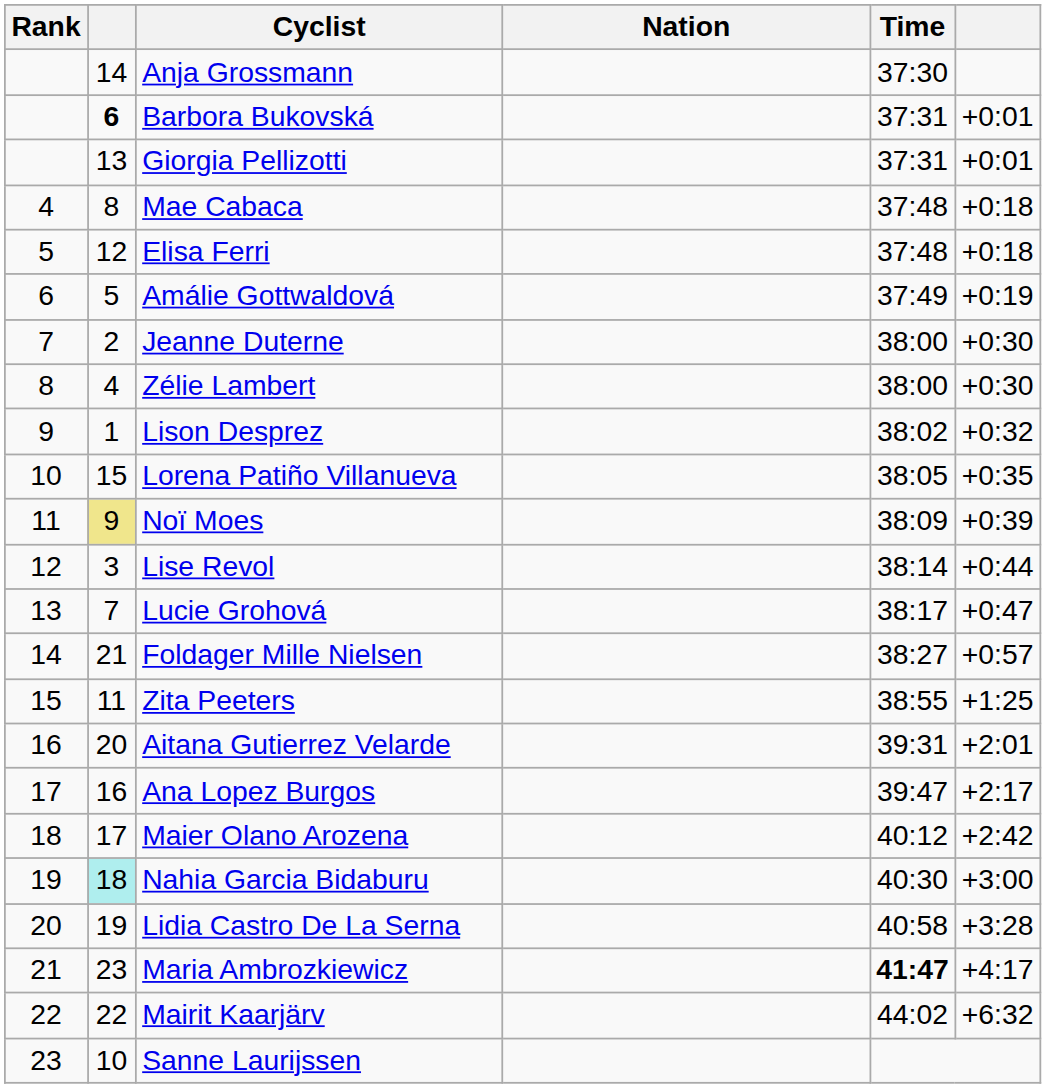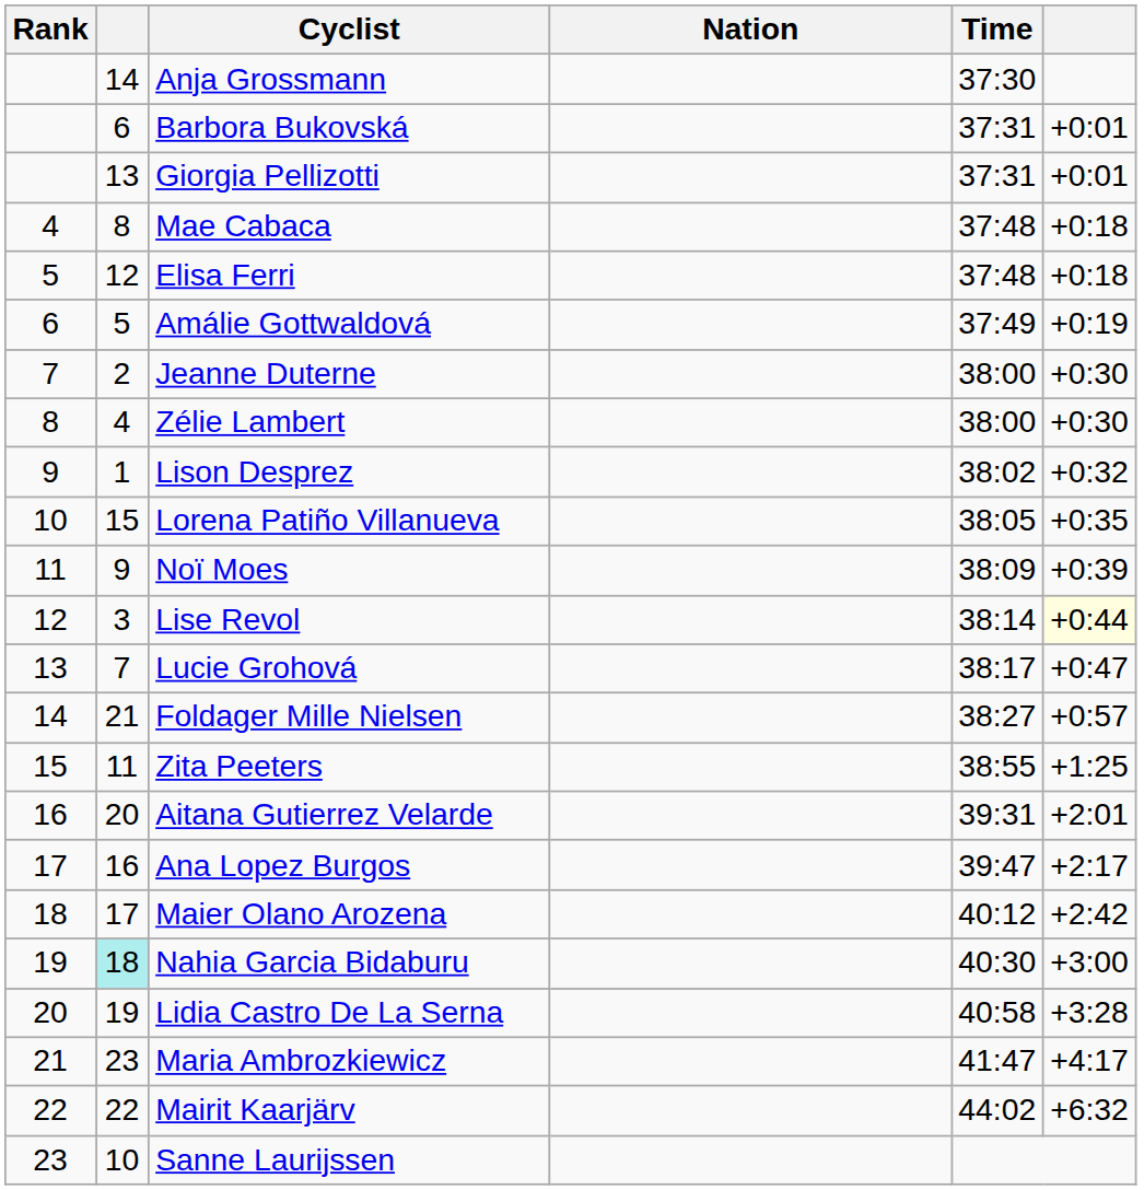 <table class="wikitable sortable" style="text-align:center">
 <tr style="background:#efefef;">
 <th width="30">Rank</th>
 <th width="20"></th>
 <th width="200">Cyclist</th>
 <th width="200">Nation</th>
 <th width="40">Time</th>
 <th width="40"></th>
 </tr>
 <tr>
 <td></td>
 <td>14</td>
 <td align="left"><a href='#'>Anja Grossmann</a></td>
 <td align="left"></td>
 <td>37:30</td>
 <td></td>
 </tr>
 <tr>
 <td></td>
-<td><strong>6</strong></td>
+<td>6</td>
 <td align="left"><a href='#'>Barbora Bukovská</a></td>
 <td align="left"></td>
 <td>37:31</td>
 <td>+0:01</td>
 </tr>
 <tr>
 <td></td>
 <td>13</td>
 <td align="left"><a href='#'>Giorgia Pellizotti</a></td>
 <td align="left"></td>
 <td>37:31</td>
 <td>+0:01</td>
 </tr>
 <tr>
 <td>4</td>
 <td>8</td>
 <td align="left"><a href='#'>Mae Cabaca</a></td>
 <td align="left"></td>
 <td>37:48</td>
 <td>+0:18</td>
 </tr>
 <tr>
 <td>5</td>
 <td>12</td>
 <td align="left"><a href='#'>Elisa Ferri</a></td>
 <td align="left"></td>
 <td>37:48</td>
 <td>+0:18</td>
 </tr>
 <tr>
 <td>6</td>
 <td>5</td>
 <td align="left"><a href='#'>Amálie Gottwaldová</a></td>
 <td align="left"></td>
 <td>37:49</td>
 <td>+0:19</td>
 </tr>
 <tr>
 <td>7</td>
 <td>2</td>
 <td align="left"><a href='#'>Jeanne Duterne</a></td>
 <td align="left"></td>
 <td>38:00</td>
 <td>+0:30</td>
 </tr>
 <tr>
 <td>8</td>
 <td>4</td>
 <td align="left"><a href='#'>Zélie Lambert</a></td>
 <td align="left"></td>
 <td>38:00</td>
 <td>+0:30</td>
 </tr>
 <tr>
 <td>9</td>
 <td>1</td>
 <td align="left"><a href='#'>Lison Desprez</a></td>
 <td align="left"></td>
 <td>38:02</td>
 <td>+0:32</td>
 </tr>
 <tr>
 <td>10</td>
 <td>15</td>
 <td align="left"><a href='#'>Lorena Patiño Villanueva</a></td>
 <td align="left"></td>
 <td>38:05</td>
 <td>+0:35</td>
 </tr>
 <tr>
 <td>11</td>
-<td style="background: khaki;">9</td>
+<td>9</td>
 <td align="left"><a href='#'>Noï Moes</a></td>
 <td align="left"></td>
 <td>38:09</td>
 <td>+0:39</td>
 </tr>
 <tr>
 <td>12</td>
 <td>3</td>
 <td align="left"><a href='#'>Lise Revol</a></td>
 <td align="left"></td>
 <td>38:14</td>
-<td>+0:44</td>
+<td style="background: lightyellow;">+0:44</td>
 </tr>
 <tr>
 <td>13</td>
 <td>7</td>
 <td align="left"><a href='#'>Lucie Grohová</a></td>
 <td align="left"></td>
 <td>38:17</td>
 <td>+0:47</td>
 </tr>
 <tr>
 <td>14</td>
 <td>21</td>
 <td align="left"><a href='#'>Foldager Mille Nielsen</a></td>
 <td align="left"></td>
 <td>38:27</td>
 <td>+0:57</td>
 </tr>
 <tr>
 <td>15</td>
 <td>11</td>
 <td align="left"><a href='#'>Zita Peeters</a></td>
 <td align="left"></td>
 <td>38:55</td>
 <td>+1:25</td>
 </tr>
 <tr>
 <td>16</td>
 <td>20</td>
 <td align="left"><a href='#'>Aitana Gutierrez Velarde</a></td>
 <td align="left"></td>
 <td>39:31</td>
 <td>+2:01</td>
 </tr>
 <tr>
 <td>17</td>
 <td>16</td>
 <td align="left"><a href='#'>Ana Lopez Burgos</a></td>
 <td align="left"></td>
 <td>39:47</td>
 <td>+2:17</td>
 </tr>
 <tr>
 <td>18</td>
 <td>17</td>
 <td align="left"><a href='#'>Maier Olano Arozena</a></td>
 <td align="left"></td>
 <td>40:12</td>
 <td>+2:42</td>
 </tr>
 <tr>
 <td>19</td>
 <td style="background: paleturquoise;">18</td>
 <td align="left"><a href='#'>Nahia Garcia Bidaburu</a></td>
 <td align="left"></td>
 <td>40:30</td>
 <td>+3:00</td>
 </tr>
 <tr>
 <td>20</td>
 <td>19</td>
 <td align="left"><a href='#'>Lidia Castro De La Serna</a></td>
 <td align="left"></td>
 <td>40:58</td>
 <td>+3:28</td>
 </tr>
 <tr>
 <td>21</td>
 <td>23</td>
 <td align="left"><a href='#'>Maria Ambrozkiewicz</a></td>
 <td align="left"></td>
-<td><strong>41:47</strong></td>
+<td>41:47</td>
 <td>+4:17</td>
 </tr>
 <tr>
 <td>22</td>
 <td>22</td>
 <td align="left"><a href='#'>Mairit Kaarjärv</a></td>
 <td align="left"></td>
 <td>44:02</td>
 <td>+6:32</td>
 </tr>
 <tr>
 <td>23</td>
 <td>10</td>
 <td align="left"><a href='#'>Sanne Laurijssen</a></td>
 <td align="left"></td>
 <td colspan="2"></td>
 </tr>
 </table>
